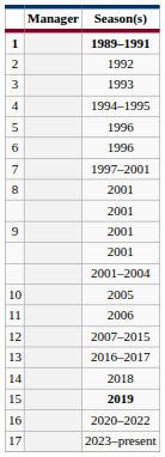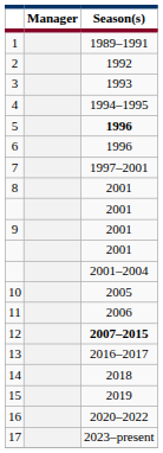 <table class="wikitable sortable plainrowheaders" style="text-align:center">
 <tr>
 <th scope="col" style="background-color:#ffffff; border-top:#003366 5px solid; border-bottom:#840026 5px solid; color:#000000"></th>
 <th scope="col" style="background-color:#ffffff; border-top:#003366 5px solid; border-bottom:#840026 5px solid; color:#000000">Manager</th>
 <th scope="col" style="background-color:#ffffff; border-top:#003366 5px solid; border-bottom:#840026 5px solid; color:#000000">Season(s)</th>
 </tr>
 <tr>
-<td><strong>1</strong></td>
+<td>1</td>
 <th scope="row" style="text-align:center"></th>
-<td><strong>1989–1991</strong></td>
+<td>1989–1991</td>
 </tr>
 <tr>
 <td>2</td>
 <th scope="row" style="text-align:center"></th>
 <td>1992</td>
 </tr>
 <tr>
 <td>3</td>
 <th scope="row" style="text-align:center"></th>
 <td>1993</td>
 </tr>
 <tr>
 <td>4</td>
 <th scope="row" style="text-align:center"></th>
 <td>1994–1995</td>
 </tr>
 <tr>
 <td>5</td>
 <th scope="row" style="text-align:center"></th>
-<td>1996</td>
+<td><strong>1996</strong></td>
 </tr>
 <tr>
 <td>6</td>
 <th scope="row" style="text-align:center"></th>
 <td>1996</td>
 </tr>
 <tr>
 <td>7</td>
 <th scope="row" style="text-align:center"></th>
 <td>1997–2001</td>
 </tr>
 <tr>
 <td>8</td>
 <th scope="row" style="text-align:center"></th>
 <td>2001</td>
 </tr>
 <tr>
 <td></td>
 <th scope="row" style="text-align:center"></th>
 <td>2001</td>
 </tr>
 <tr>
 <td>9</td>
 <th scope="row" style="text-align:center"></th>
 <td>2001</td>
 </tr>
 <tr>
 <td></td>
 <th scope="row" style="text-align:center"></th>
 <td>2001</td>
 </tr>
 <tr>
 <td></td>
 <th scope="row" style="text-align:center"></th>
 <td>2001–2004</td>
 </tr>
 <tr>
 <td>10</td>
 <th scope="row" style="text-align:center"></th>
 <td>2005</td>
 </tr>
 <tr>
 <td>11</td>
 <th scope="row" style="text-align:center"></th>
 <td>2006</td>
 </tr>
 <tr>
 <td>12</td>
 <th scope="row" style="text-align:center"></th>
-<td>2007–2015</td>
+<td><strong>2007–2015</strong></td>
 </tr>
 <tr>
 <td>13</td>
 <th scope="row" style="text-align:center"></th>
 <td>2016–2017</td>
 </tr>
 <tr>
 <td>14</td>
 <th scope="row" style="text-align:center"></th>
 <td>2018</td>
 </tr>
 <tr>
 <td>15</td>
 <th scope="row" style="text-align:center"></th>
-<td><strong>2019</strong></td>
+<td>2019</td>
 </tr>
 <tr>
 <td>16</td>
 <th scope="row" style="text-align:center"></th>
 <td>2020–2022</td>
 </tr>
 <tr>
 <td>17</td>
 <th scope="row" style="text-align:center"></th>
 <td>2023–present</td>
 </tr>
 <tr>
 </tr>
 </table>
